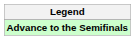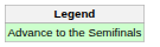 <table class="wikitable">
 <tr>
 <th>Legend</th>
 </tr>
 <tr>
 </tr>
 <tr bgcolor=#ccffcc>
-<td><strong>Advance to the Semifinals</strong></td>
+<td>Advance to the Semifinals</td>
 </tr>
 </table>
